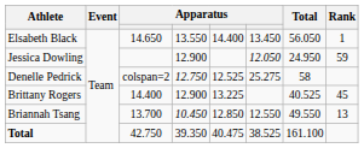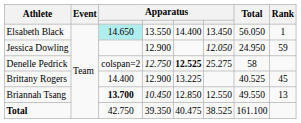 <table class="wikitable" style="font-size:90%">
 <tr>
 <th rowspan=2>Athlete</th>
 <th rowspan=2>Event</th>
 <th colspan=4>Apparatus</th>
 <th rowspan=2>Total</th>
 <th rowspan=2>Rank</th>
 </tr>
 <tr style="font-size:95%">
 <th></th>
 <th></th>
 <th></th>
 <th></th>
 </tr>
 <tr align=center>
 <td align=left>Elsabeth Black</td>
 <td align=left rowspan=6>Team</td>
-<td>14.650</td>
+<td style="background: paleturquoise;">14.650</td>
 <td>13.550</td>
 <td>14.400</td>
 <td>13.450</td>
 <td>56.050</td>
 <td>1</td>
 </tr>
 <tr align=center>
 <td align=left>Jessica Dowling</td>
 <td></td>
 <td>12.900</td>
 <td></td>
 <td><em>12.050</em></td>
 <td>24.950</td>
 <td>59</td>
 </tr>
 <tr align=center>
 <td align=left>Denelle Pedrick</td>
 <td>colspan=2 </td>
 <td><em>12.750</em></td>
-<td>12.525</td>
+<td><strong>12.525</strong></td>
 <td>25.275</td>
 <td>58</td>
 </tr>
 <tr align=center>
 <td align=left>Brittany Rogers</td>
 <td>14.400</td>
 <td>12.900</td>
 <td>13.225</td>
 <td></td>
 <td>40.525</td>
 <td>45</td>
 </tr>
 <tr align=center>
 <td align=left>Briannah Tsang</td>
-<td>13.700</td>
+<td><strong>13.700</strong></td>
 <td><em>10.450</em></td>
 <td>12.850</td>
 <td>12.550</td>
 <td>49.550</td>
 <td>13</td>
 </tr>
 <tr align=center>
 <td align=left><strong>Total</strong></td>
 <td>42.750</td>
 <td>39.350</td>
 <td>40.475</td>
 <td>38.525</td>
 <td>161.100</td>
 <td></td>
 </tr>
 </table>
